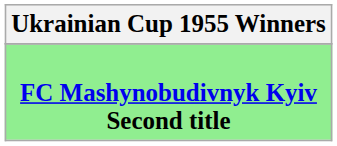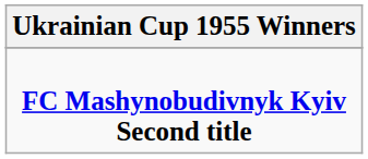 <table class="wikitable" style="text-align: center; margin: 0 auto;">
 <tr>
 <th>Ukrainian Cup 1955 Winners</th>
 </tr>
 <tr>
 </tr>
 <tr>
-<td style="background: lightgreen;"><br><strong><a href='#'>FC Mashynobudivnyk Kyiv</a></strong><br><strong>Second title</strong></td>
+<td><br><strong><a href='#'>FC Mashynobudivnyk Kyiv</a></strong><br><strong>Second title</strong></td>
 </tr>
 </table>
